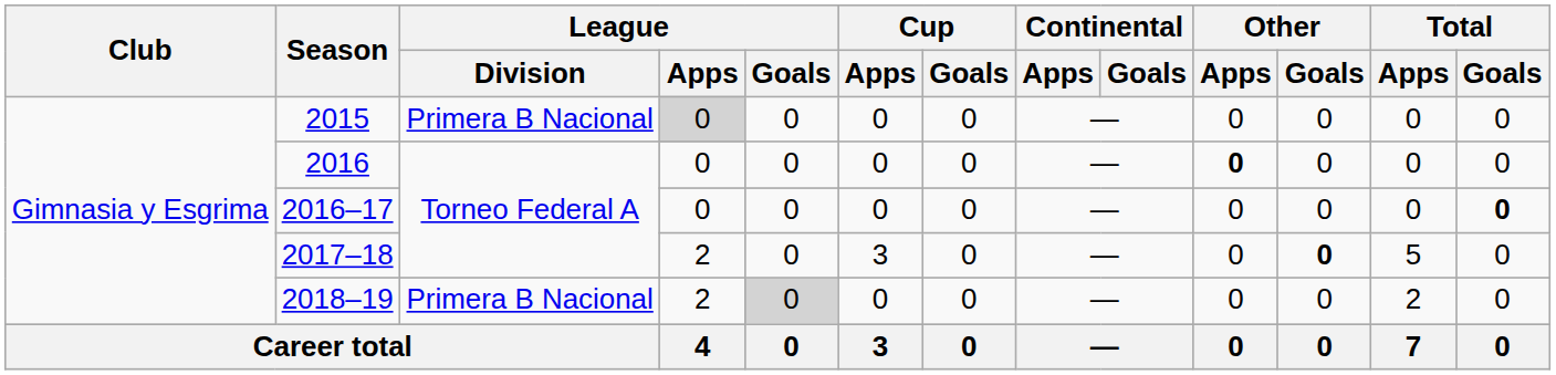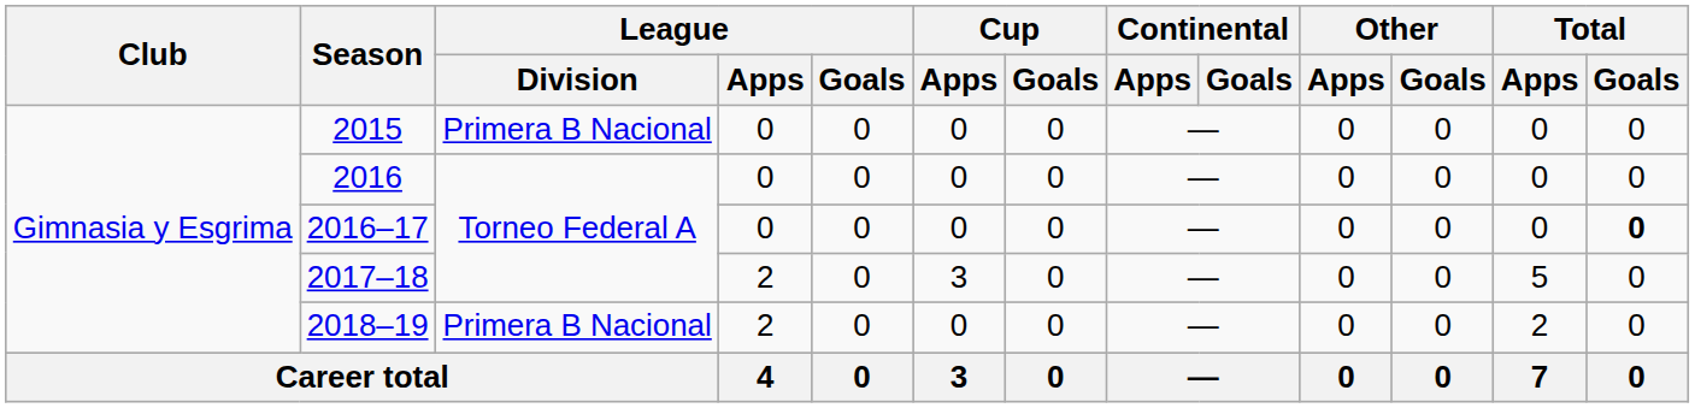 <table class="wikitable" style="text-align:center">
 <tr>
 <th rowspan="2">Club</th>
 <th rowspan="2">Season</th>
 <th colspan="3">League</th>
 <th colspan="2">Cup</th>
 <th colspan="2">Continental</th>
 <th colspan="2">Other</th>
 <th colspan="2">Total</th>
 </tr>
 <tr>
 <th>Division</th>
 <th>Apps</th>
 <th>Goals</th>
 <th>Apps</th>
 <th>Goals</th>
 <th>Apps</th>
 <th>Goals</th>
 <th>Apps</th>
 <th>Goals</th>
 <th>Apps</th>
 <th>Goals</th>
 </tr>
 <tr>
 <td rowspan="5"><a href='#'>Gimnasia y Esgrima</a></td>
 <td><a href='#'>2015</a></td>
 <td rowspan="1"><a href='#'>Primera B Nacional</a></td>
-<td style="background: lightgrey;">0</td>
+<td>0</td>
 <td>0</td>
 <td>0</td>
 <td>0</td>
 <td colspan="2">—</td>
 <td>0</td>
 <td>0</td>
 <td>0</td>
 <td>0</td>
 </tr>
 <tr>
 <td><a href='#'>2016</a></td>
 <td rowspan="3"><a href='#'>Torneo Federal A</a></td>
 <td>0</td>
 <td>0</td>
 <td>0</td>
 <td>0</td>
 <td colspan="2">—</td>
-<td><strong>0</strong></td>
+<td>0</td>
 <td>0</td>
 <td>0</td>
 <td>0</td>
 </tr>
 <tr>
 <td><a href='#'>2016–17</a></td>
 <td>0</td>
 <td>0</td>
 <td>0</td>
 <td>0</td>
 <td colspan="2">—</td>
 <td>0</td>
 <td>0</td>
 <td>0</td>
 <td><strong>0</strong></td>
 </tr>
 <tr>
 <td><a href='#'>2017–18</a></td>
 <td>2</td>
 <td>0</td>
 <td>3</td>
 <td>0</td>
 <td colspan="2">—</td>
 <td>0</td>
-<td><strong>0</strong></td>
+<td>0</td>
 <td>5</td>
 <td>0</td>
 </tr>
 <tr>
 <td><a href='#'>2018–19</a></td>
 <td rowspan="1"><a href='#'>Primera B Nacional</a></td>
 <td>2</td>
-<td style="background: lightgrey;">0</td>
+<td>0</td>
 <td>0</td>
 <td>0</td>
 <td colspan="2">—</td>
 <td>0</td>
 <td>0</td>
 <td>2</td>
 <td>0</td>
 </tr>
 <tr>
 <th colspan="3">Career total</th>
 <th>4</th>
 <th>0</th>
 <th>3</th>
 <th>0</th>
 <th colspan="2">—</th>
 <th>0</th>
 <th>0</th>
 <th>7</th>
 <th>0</th>
 </tr>
 </table>
